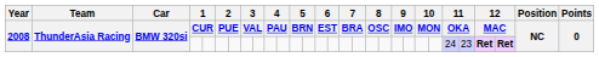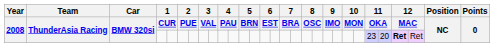 <table class="wikitable" style="text-align:center; font-size:85%">
 <tr>
 <th>Year</th>
 <th>Team</th>
 <th>Car</th>
 <th colspan=2>1</th>
 <th colspan=2>2</th>
 <th colspan=2>3</th>
 <th colspan=2>4</th>
 <th colspan=2>5</th>
 <th colspan=2>6</th>
 <th colspan=2>7</th>
 <th colspan=2>8</th>
 <th colspan=2>9</th>
 <th colspan=2>10</th>
 <th colspan=2>11</th>
 <th colspan=2>12</th>
 <th>Position</th>
 <th>Points</th>
 </tr>
 <tr>
 <th rowspan=2><a href='#'>2008</a></th>
 <th rowspan=2><a href='#'>ThunderAsia Racing</a></th>
 <th rowspan=2><a href='#'>BMW 320si</a></th>
 <th colspan=2><a href='#'>CUR</a> </th>
 <th colspan=2><a href='#'>PUE</a> </th>
 <th colspan=2><a href='#'>VAL</a> </th>
 <th colspan=2><a href='#'>PAU</a> </th>
 <th colspan=2><a href='#'>BRN</a> </th>
 <th colspan=2><a href='#'>EST</a> </th>
 <th colspan=2><a href='#'>BRA</a> </th>
 <th colspan=2><a href='#'>OSC</a> </th>
 <th colspan=2><a href='#'>IMO</a> </th>
 <th colspan=2><a href='#'>MON</a> </th>
 <th colspan=2><a href='#'>OKA</a> </th>
 <th colspan=2><a href='#'>MAC</a> </th>
 <th rowspan=2>NC</th>
 <th rowspan=2>0</th>
 </tr>
 <tr>
 <td></td>
 <td></td>
 <td></td>
 <td></td>
 <td></td>
 <td></td>
 <td></td>
 <td></td>
 <td></td>
 <td></td>
 <td></td>
 <td></td>
 <td></td>
 <td></td>
 <td></td>
 <td></td>
 <td></td>
 <td></td>
 <td></td>
 <td></td>
-<td style="background:#cfcfff;">24</td>
 <td style="background:#cfcfff;">23</td>
+<td style="background:#cfcfff;">20</td>
 <td style="background:#efcfff;"><strong>Ret</strong></td>
-<td style="background:#efcfff;"><strong>Ret</strong></td>
+<td style="background:#efcfff;">Ret</td>
 </tr>
 </table>
